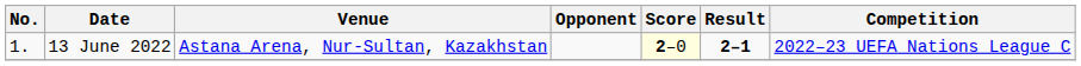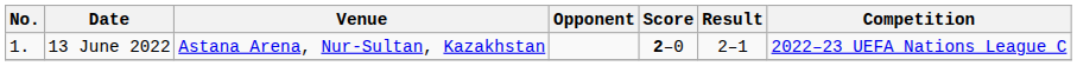 <table class="wikitable">
 <tr>
 <th>No.</th>
 <th>Date</th>
 <th>Venue</th>
 <th>Opponent</th>
 <th>Score</th>
 <th>Result</th>
 <th>Competition</th>
 </tr>
 <tr>
 <td>1.</td>
 <td>13 June 2022</td>
 <td><a href='#'>Astana Arena</a>, <a href='#'>Nur-Sultan</a>, <a href='#'>Kazakhstan</a></td>
 <td></td>
-<td align=center style="background: lightyellow;"><strong>2</strong>–0</td>
-<td align=center><strong>2–1</strong></td>
+<td align=center><strong>2</strong>–0</td>
+<td align=center>2–1</td>
 <td><a href='#'>2022–23 UEFA Nations League C</a></td>
 </tr>
 <tr>
 </tr>
 </table>
